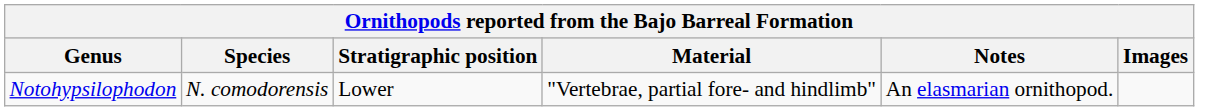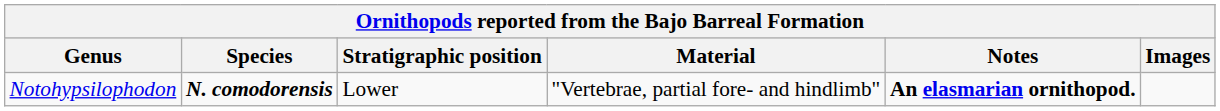 <table class="wikitable" align="center">
 <tr>
 <th colspan="6" align="center"><strong><a href='#'>Ornithopods</a> reported from the Bajo Barreal Formation</strong></th>
 </tr>
 <tr>
 <th>Genus</th>
 <th>Species</th>
 <th>Stratigraphic position</th>
 <th>Material</th>
 <th>Notes</th>
 <th>Images</th>
 </tr>
 <tr>
 <td><em><a href='#'>Notohypsilophodon</a></em></td>
-<td><em>N. comodorensis</em></td>
+<td><strong><em>N. comodorensis</em></strong></td>
 <td>Lower</td>
 <td>"Vertebrae, partial fore- and hindlimb"</td>
-<td>An <a href='#'>elasmarian</a> ornithopod.</td>
+<td><strong>An <a href='#'>elasmarian</a> ornithopod.</strong></td>
 <td></td>
 </tr>
 </table>
